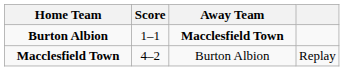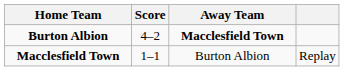 <table class="wikitable" style="text-align:center">
 <tr>
 <th width=150>Home Team</th>
 <th width=20>Score</th>
 <th width=150>Away Team</th>
 <th></th>
 </tr>
 <tr>
 <td><strong>Burton Albion</strong></td>
-<td>1–1</td>
+<td>4–2</td>
 <td><strong>Macclesfield Town</strong></td>
 <td></td>
 </tr>
 <tr>
 <td><strong>Macclesfield Town</strong></td>
-<td>4–2</td>
+<td>1–1</td>
 <td>Burton Albion</td>
 <td>Replay</td>
 </tr>
 </table>
